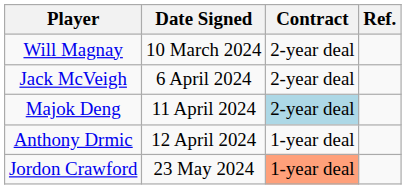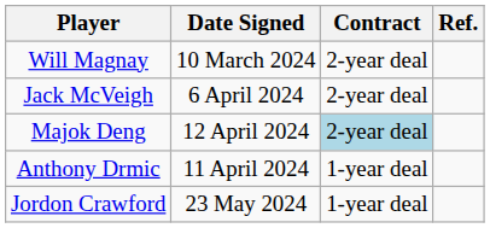 <table class="wikitable sortable sortable" style="text-align: center">
 <tr>
 <th>Player</th>
 <th>Date Signed</th>
 <th>Contract</th>
 <th>Ref.</th>
 </tr>
 <tr>
 <td><a href='#'>Will Magnay</a></td>
 <td>10 March 2024</td>
 <td>2-year deal</td>
 <td></td>
 </tr>
 <tr>
 <td><a href='#'>Jack McVeigh</a></td>
 <td>6 April 2024</td>
 <td>2-year deal</td>
 <td></td>
 </tr>
 <tr>
 <td><a href='#'>Majok Deng</a></td>
-<td>11 April 2024</td>
+<td>12 April 2024</td>
 <td style="background: lightblue;">2-year deal</td>
 <td></td>
 </tr>
 <tr>
 <td><a href='#'>Anthony Drmic</a></td>
-<td>12 April 2024</td>
+<td>11 April 2024</td>
 <td>1-year deal</td>
 <td></td>
 </tr>
 <tr>
 <td><a href='#'>Jordon Crawford</a></td>
 <td>23 May 2024</td>
-<td style="background: lightsalmon;">1-year deal</td>
+<td>1-year deal</td>
 <td></td>
 </tr>
 </table>
